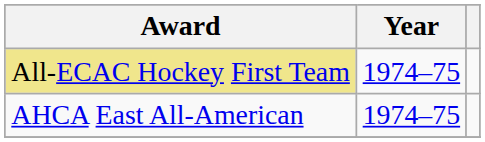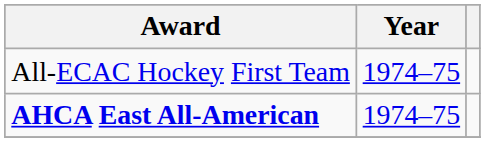 <table class="wikitable">
 <tr>
 <th>Award</th>
 <th>Year</th>
 <th></th>
 </tr>
 <tr>
-<td style="background: khaki;">All-<a href='#'>ECAC Hockey</a> <a href='#'>First Team</a></td>
+<td>All-<a href='#'>ECAC Hockey</a> <a href='#'>First Team</a></td>
 <td><a href='#'>1974–75</a></td>
 <td></td>
 </tr>
 <tr>
-<td><a href='#'>AHCA</a> <a href='#'>East All-American</a></td>
+<td><strong><a href='#'>AHCA</a> <a href='#'>East All-American</a></strong></td>
 <td><a href='#'>1974–75</a></td>
 <td></td>
 </tr>
 <tr>
 </tr>
 </table>
